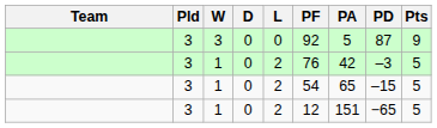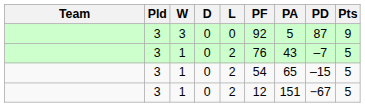 <table class="wikitable" style="text-align:center;">
 <tr>
 <th width=175>Team</th>
 <th width=25 abbr="Played">Pld</th>
 <th width=25 abbr="Won">W</th>
 <th width=25 abbr="Drawn">D</th>
 <th width=25 abbr="Lost">L</th>
 <th width=32 abbr="Points for">PF</th>
 <th width=32 abbr="Points against">PA</th>
 <th width=32 abbr="Points difference">PD</th>
 <th width=25 abbr="Points">Pts</th>
 </tr>
 <tr bgcolor="#ccffcc">
 <td align=left></td>
 <td>3</td>
 <td>3</td>
 <td>0</td>
 <td>0</td>
 <td>92</td>
 <td>5</td>
 <td>87</td>
 <td>9</td>
 </tr>
 <tr bgcolor="#ccffcc">
 <td align=left></td>
 <td>3</td>
 <td>1</td>
 <td>0</td>
 <td>2</td>
 <td>76</td>
-<td>42</td>
-<td>–3</td>
+<td>43</td>
+<td>–7</td>
 <td>5</td>
 </tr>
 <tr>
 <td align=left></td>
 <td>3</td>
 <td>1</td>
 <td>0</td>
 <td>2</td>
 <td>54</td>
 <td>65</td>
 <td>–15</td>
 <td>5</td>
 </tr>
 <tr>
 <td align=left></td>
 <td>3</td>
 <td>1</td>
 <td>0</td>
 <td>2</td>
 <td>12</td>
 <td>151</td>
-<td>−65</td>
+<td>−67</td>
 <td>5</td>
 </tr>
 </table>
